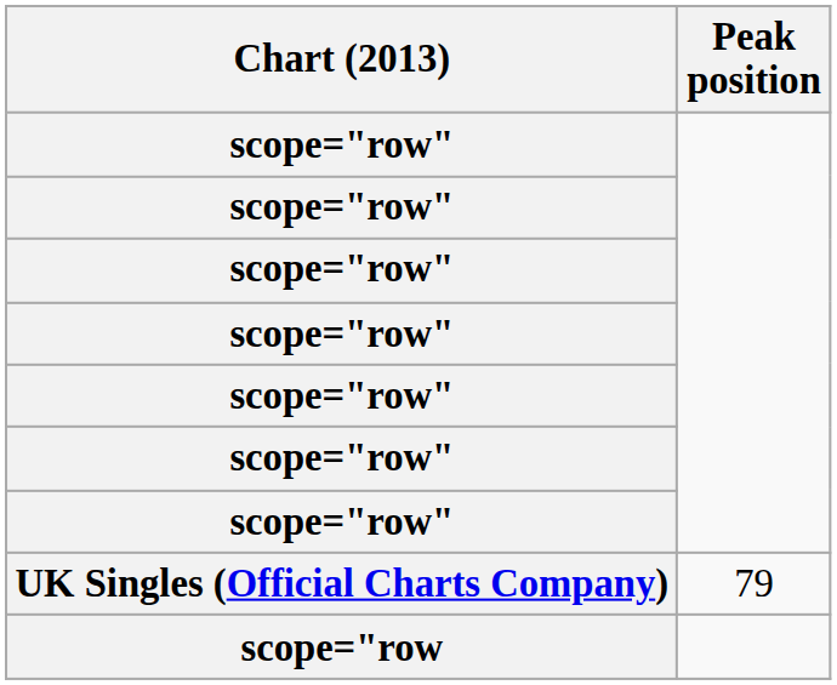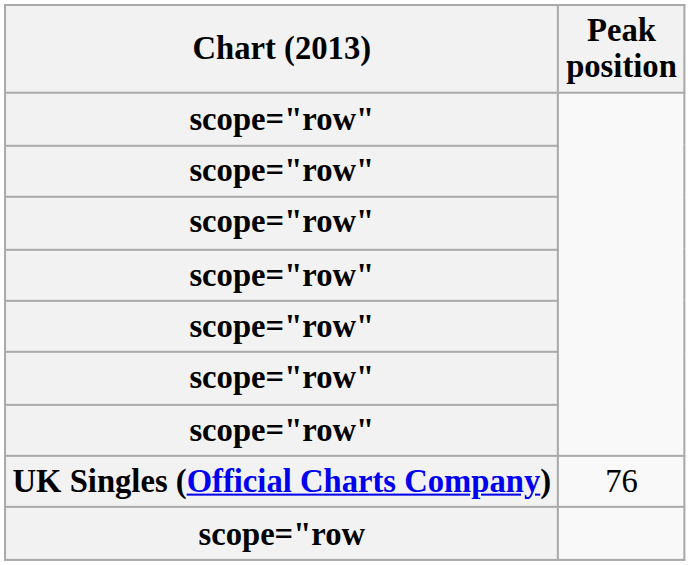 <table class="wikitable sortable plainrowheaders" style="text-align:center;">
 <tr>
 <th scope="col">Chart (2013)</th>
 <th scope="col">Peak<br>position</th>
 </tr>
 <tr>
 <th>scope="row" </th>
 </tr>
 <tr>
 <th>scope="row" </th>
 </tr>
 <tr>
 <th>scope="row" </th>
 </tr>
 <tr>
 <th>scope="row" </th>
 </tr>
 <tr>
 <th>scope="row" </th>
 </tr>
 <tr>
 <th>scope="row" </th>
 </tr>
 <tr>
 <th>scope="row" </th>
 </tr>
 <tr>
 <th scope="row">UK Singles (<a href='#'>Official Charts Company</a>)</th>
-<td style="text-align:center;">79</td>
+<td style="text-align:center;">76</td>
 </tr>
 <tr>
 <th>scope="row </th>
 </tr>
 </table>
